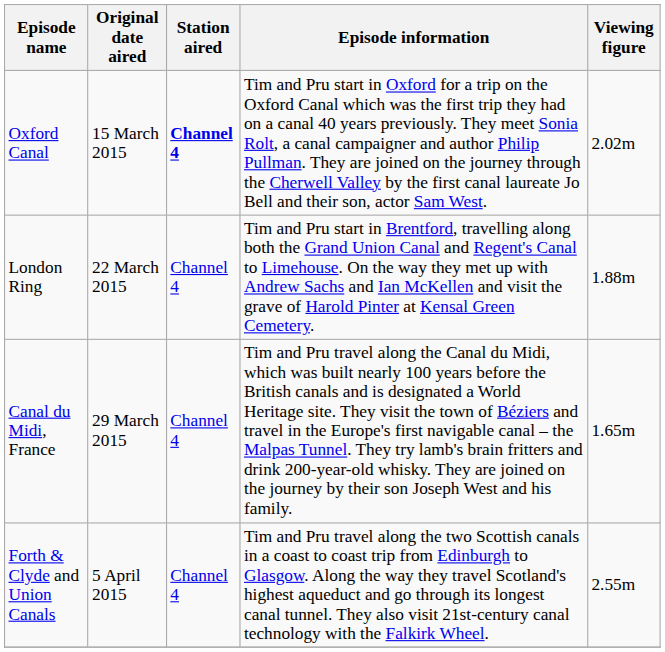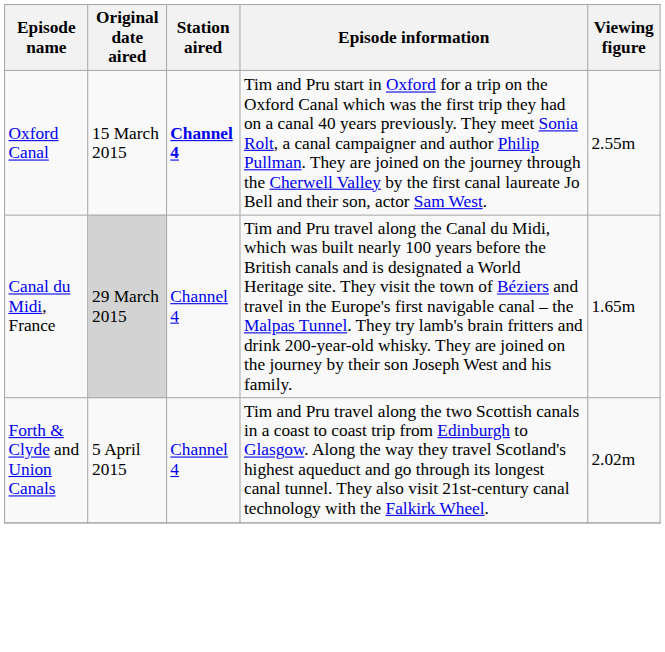 <table class="wikitable sortable">
 <tr>
 <th>Episode name</th>
 <th>Original date aired</th>
 <th>Station aired</th>
 <th>Episode information</th>
 <th>Viewing figure</th>
 </tr>
 <tr>
 <td><a href='#'>Oxford Canal</a></td>
 <td>15 March 2015</td>
 <td><strong><a href='#'>Channel 4</a></strong></td>
 <td>Tim and Pru start in <a href='#'>Oxford</a> for a trip on the Oxford Canal which was the first trip they had on a canal 40 years previously. They meet <a href='#'>Sonia Rolt</a>, a canal campaigner and author <a href='#'>Philip Pullman</a>. They are joined on the journey through the <a href='#'>Cherwell Valley</a> by the first canal laureate Jo Bell and their son, actor <a href='#'>Sam West</a>.</td>
-<td>2.02m</td>
-</tr>
-<tr>
-<td>London Ring</td>
-<td>22 March 2015</td>
-<td><a href='#'>Channel 4</a></td>
-<td>Tim and Pru start in <a href='#'>Brentford</a>, travelling along both the <a href='#'>Grand Union Canal</a> and <a href='#'>Regent's Canal</a> to <a href='#'>Limehouse</a>. On the way they met up with <a href='#'>Andrew Sachs</a> and <a href='#'>Ian McKellen</a> and visit the grave of <a href='#'>Harold Pinter</a> at <a href='#'>Kensal Green Cemetery</a>.</td>
-<td>1.88m</td>
+<td>2.55m</td>
 </tr>
 <tr>
 <td><a href='#'>Canal du Midi</a>, France</td>
-<td>29 March 2015</td>
+<td style="background: lightgrey;">29 March 2015</td>
 <td><a href='#'>Channel 4</a></td>
 <td>Tim and Pru travel along the Canal du Midi, which was built nearly 100 years before the British canals and is designated a World Heritage site. They visit the town of <a href='#'>Béziers</a> and travel in the Europe's first navigable canal – the <a href='#'>Malpas Tunnel</a>. They try lamb's brain fritters and drink 200-year-old whisky. They are joined on the journey by their son Joseph West and his family.</td>
 <td>1.65m</td>
 </tr>
 <tr>
 <td><a href='#'>Forth & Clyde</a> and <a href='#'>Union Canals</a></td>
 <td>5 April 2015</td>
 <td><a href='#'>Channel 4</a></td>
 <td>Tim and Pru travel along the two Scottish canals in a coast to coast trip from <a href='#'>Edinburgh</a> to <a href='#'>Glasgow</a>. Along the way they travel Scotland's highest aqueduct and go through its longest canal tunnel. They also visit 21st-century canal technology with the <a href='#'>Falkirk Wheel</a>.</td>
-<td>2.55m</td>
+<td>2.02m</td>
 </tr>
 <tr>
 </tr>
 </table>
